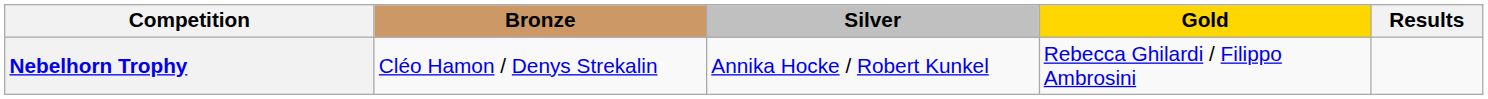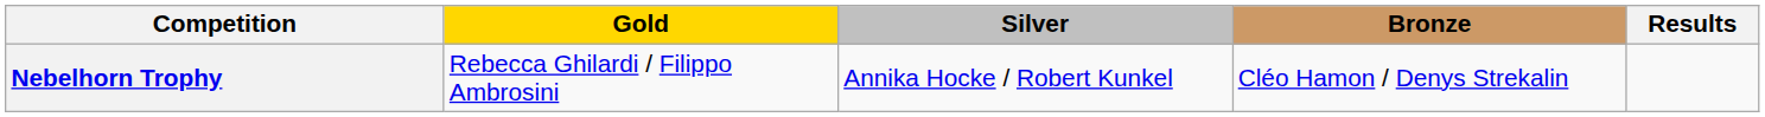 <table class="wikitable unsortable" style="text-align:left; width:90%;">
 <tr>
 <th scope="col" style="text-align:center; width:25%;">Competition</th>
+<td scope="col" style="text-align:center; width:22.5%; background:gold"><strong>Gold</strong></td>
+<td scope="col" style="text-align:center; width:22.5%; background:silver"><strong>Silver</strong></td>
 <td scope="col" style="text-align:center; width:22.5%; background:#c96"><strong>Bronze</strong></td>
-<td scope="col" style="text-align:center; width:22.5%; background:silver"><strong>Silver</strong></td>
-<td scope="col" style="text-align:center; width:22.5%; background:gold"><strong>Gold</strong></td>
 <th scope="col" style="text-align:center; width:7.5%;">Results</th>
 </tr>
 <tr>
 <th scope="row" style="text-align:left"> <a href='#'>Nebelhorn Trophy</a></th>
+<td> <a href='#'>Rebecca Ghilardi</a> / <a href='#'>Filippo Ambrosini</a></td>
+<td> <a href='#'>Annika Hocke</a> / <a href='#'>Robert Kunkel</a></td>
 <td> <a href='#'>Cléo Hamon</a> / <a href='#'>Denys Strekalin</a></td>
-<td> <a href='#'>Annika Hocke</a> / <a href='#'>Robert Kunkel</a></td>
-<td> <a href='#'>Rebecca Ghilardi</a> / <a href='#'>Filippo Ambrosini</a></td>
 <td></td>
 </tr>
 </table>
